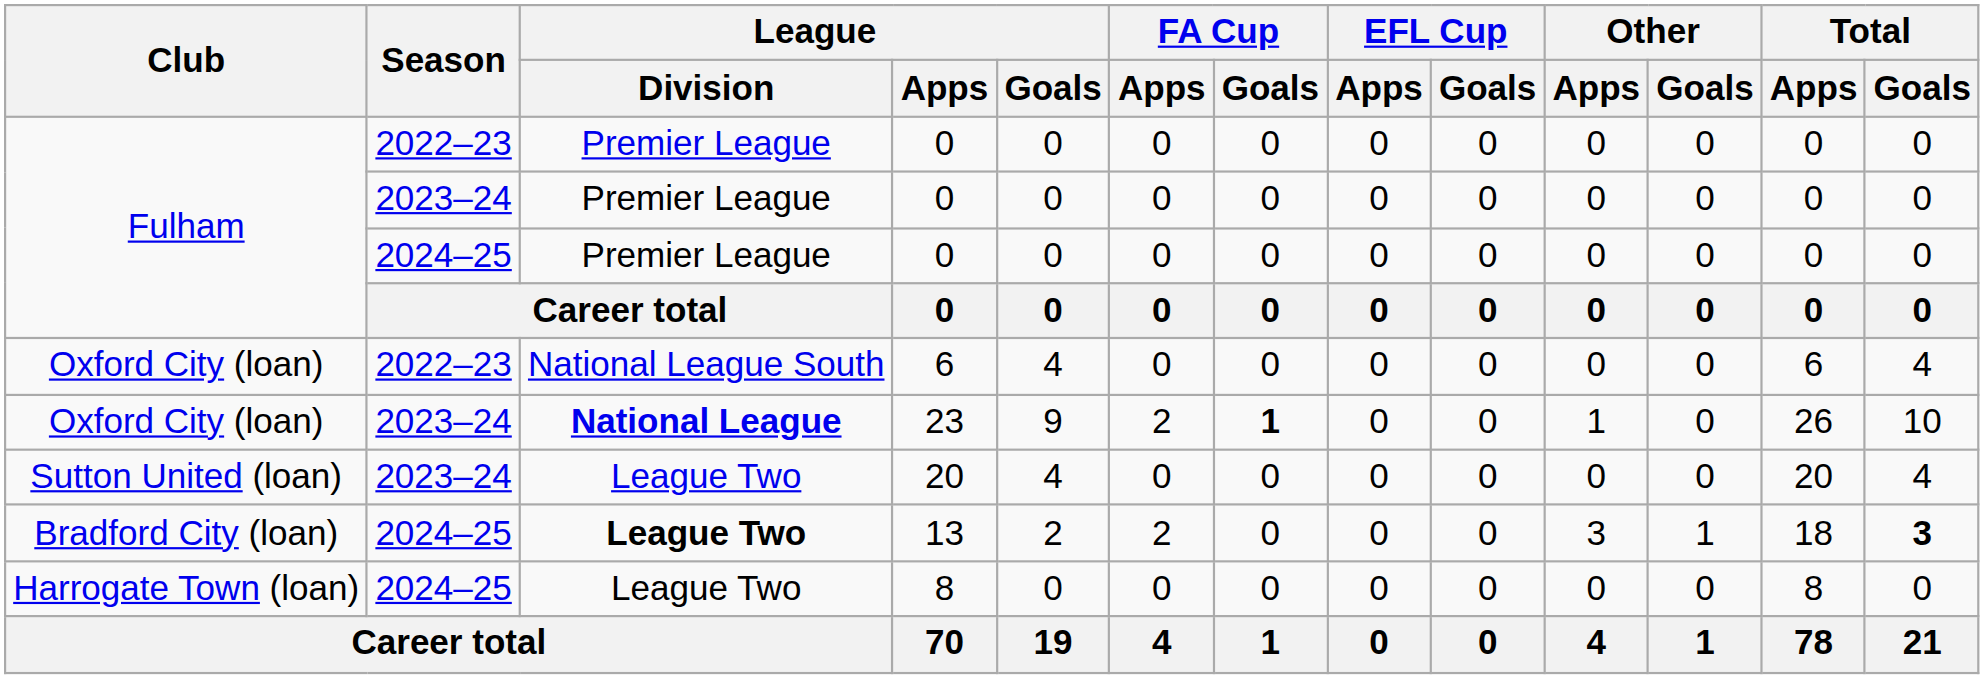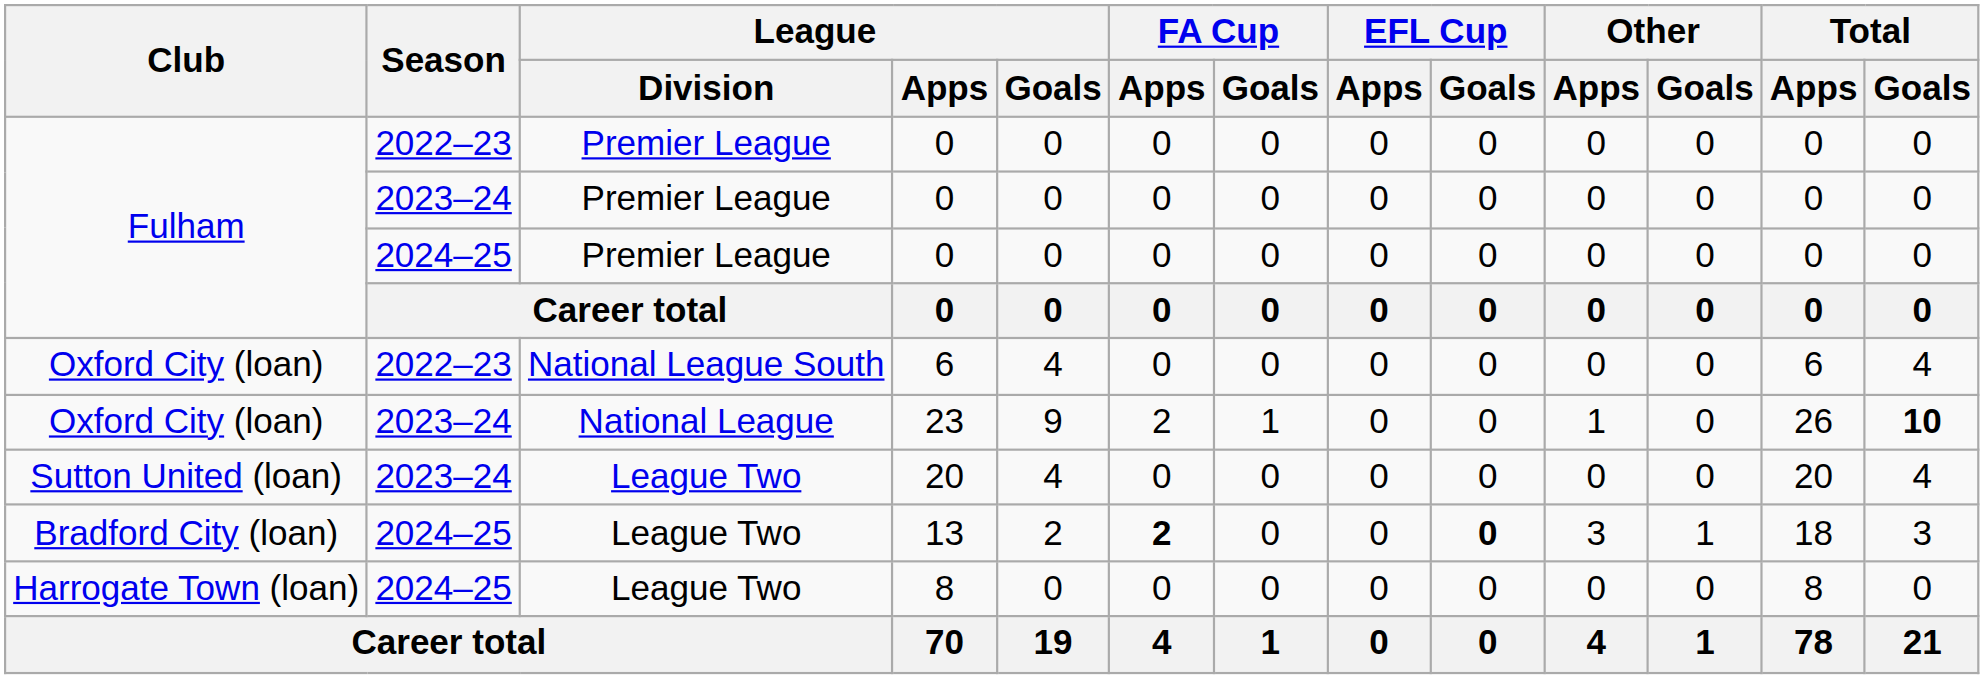 <table class=wikitable style=text-align:center>
 <tr>
 <th rowspan=2>Club</th>
 <th rowspan=2>Season</th>
 <th colspan=3>League</th>
 <th colspan=2><a href='#'>FA Cup</a></th>
 <th colspan=2><a href='#'>EFL Cup</a></th>
 <th colspan=2>Other</th>
 <th colspan=2>Total</th>
 </tr>
 <tr>
 <th>Division</th>
 <th>Apps</th>
 <th>Goals</th>
 <th>Apps</th>
 <th>Goals</th>
 <th>Apps</th>
 <th>Goals</th>
 <th>Apps</th>
 <th>Goals</th>
 <th>Apps</th>
 <th>Goals</th>
 </tr>
 <tr>
 <td rowspan=4><a href='#'>Fulham</a></td>
 <td><a href='#'>2022–23</a></td>
 <td><a href='#'>Premier League</a></td>
 <td>0</td>
 <td>0</td>
 <td>0</td>
 <td>0</td>
 <td>0</td>
 <td>0</td>
 <td>0</td>
 <td>0</td>
 <td>0</td>
 <td>0</td>
 </tr>
 <tr>
 <td><a href='#'>2023–24</a></td>
 <td>Premier League</td>
 <td>0</td>
 <td>0</td>
 <td>0</td>
 <td>0</td>
 <td>0</td>
 <td>0</td>
 <td>0</td>
 <td>0</td>
 <td>0</td>
 <td>0</td>
 </tr>
 <tr>
 <td><a href='#'>2024–25</a></td>
 <td>Premier League</td>
 <td>0</td>
 <td>0</td>
 <td>0</td>
 <td>0</td>
 <td>0</td>
 <td>0</td>
 <td>0</td>
 <td>0</td>
 <td>0</td>
 <td>0</td>
 </tr>
 <tr>
 <th colspan="2">Career total</th>
 <th>0</th>
 <th>0</th>
 <th>0</th>
 <th>0</th>
 <th>0</th>
 <th>0</th>
 <th>0</th>
 <th>0</th>
 <th>0</th>
 <th>0</th>
 </tr>
 <tr>
 <td><a href='#'>Oxford City</a> (loan)</td>
 <td><a href='#'>2022–23</a></td>
 <td><a href='#'>National League South</a></td>
 <td>6</td>
 <td>4</td>
 <td>0</td>
 <td>0</td>
 <td>0</td>
 <td>0</td>
 <td>0</td>
 <td>0</td>
 <td>6</td>
 <td>4</td>
 </tr>
 <tr>
 <td><a href='#'>Oxford City</a> (loan)</td>
 <td><a href='#'>2023–24</a></td>
-<td><strong><a href='#'>National League</a></strong></td>
+<td><a href='#'>National League</a></td>
 <td>23</td>
 <td>9</td>
 <td>2</td>
-<td><strong>1</strong></td>
+<td>1</td>
 <td>0</td>
 <td>0</td>
 <td>1</td>
 <td>0</td>
 <td>26</td>
-<td>10</td>
+<td><strong>10</strong></td>
 </tr>
 <tr>
 <td><a href='#'>Sutton United</a> (loan)</td>
 <td><a href='#'>2023–24</a></td>
 <td><a href='#'>League Two</a></td>
 <td>20</td>
 <td>4</td>
 <td>0</td>
 <td>0</td>
 <td>0</td>
 <td>0</td>
 <td>0</td>
 <td>0</td>
 <td>20</td>
 <td>4</td>
 </tr>
 <tr>
 <td><a href='#'>Bradford City</a> (loan)</td>
 <td><a href='#'>2024–25</a></td>
-<td><strong>League Two</strong></td>
+<td>League Two</td>
 <td>13</td>
 <td>2</td>
-<td>2</td>
+<td><strong>2</strong></td>
 <td>0</td>
 <td>0</td>
-<td>0</td>
+<td><strong>0</strong></td>
 <td>3</td>
 <td>1</td>
 <td>18</td>
-<td><strong>3</strong></td>
+<td>3</td>
 </tr>
 <tr>
 <td><a href='#'>Harrogate Town</a> (loan)</td>
 <td><a href='#'>2024–25</a></td>
 <td>League Two</td>
 <td>8</td>
 <td>0</td>
 <td>0</td>
 <td>0</td>
 <td>0</td>
 <td>0</td>
 <td>0</td>
 <td>0</td>
 <td>8</td>
 <td>0</td>
 </tr>
 <tr>
 <th colspan="3">Career total</th>
 <th>70</th>
 <th>19</th>
 <th>4</th>
 <th>1</th>
 <th>0</th>
 <th>0</th>
 <th>4</th>
 <th>1</th>
 <th>78</th>
 <th>21</th>
 </tr>
 </table>
